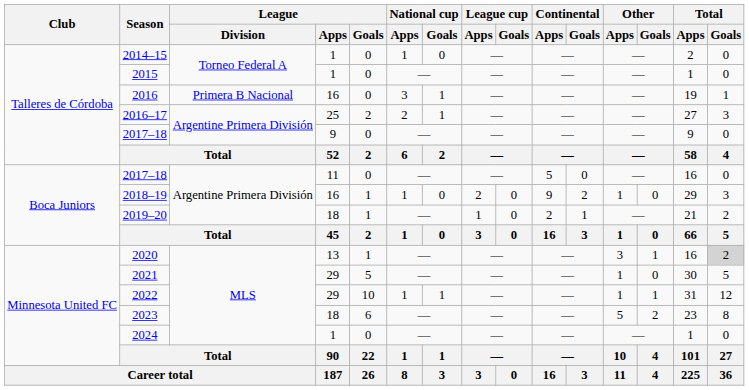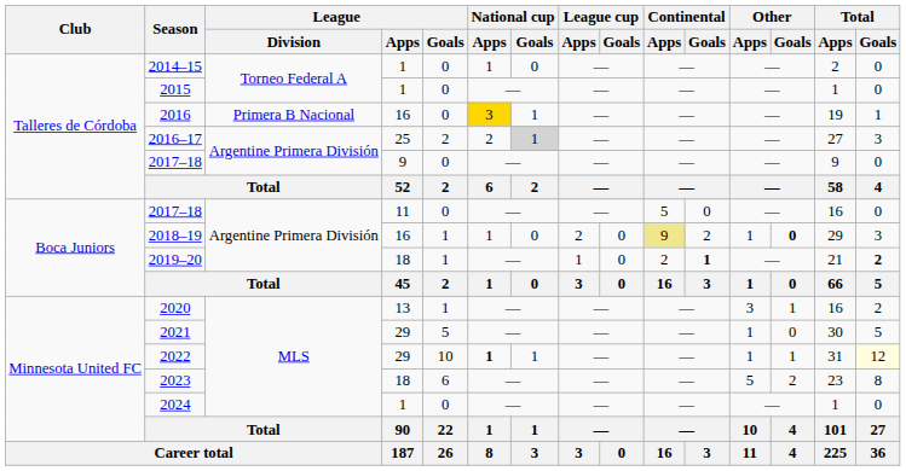 <table class="wikitable" style="text-align:center">
 <tr>
 <th rowspan="2">Club</th>
 <th rowspan="2">Season</th>
 <th colspan="3">League</th>
 <th colspan="2">National cup</th>
 <th colspan="2">League cup</th>
 <th colspan="2">Continental</th>
 <th colspan="2">Other</th>
 <th colspan="2">Total</th>
 </tr>
 <tr>
 <th>Division</th>
 <th>Apps</th>
 <th>Goals</th>
 <th>Apps</th>
 <th>Goals</th>
 <th>Apps</th>
 <th>Goals</th>
 <th>Apps</th>
 <th>Goals</th>
 <th>Apps</th>
 <th>Goals</th>
 <th>Apps</th>
 <th>Goals</th>
 </tr>
 <tr>
 <td rowspan="6"><a href='#'>Talleres de Córdoba</a></td>
 <td><a href='#'>2014–15</a></td>
 <td rowspan="2"><a href='#'>Torneo Federal A</a></td>
 <td>1</td>
 <td>0</td>
 <td>1</td>
 <td>0</td>
 <td colspan="2">—</td>
 <td colspan="2">—</td>
 <td colspan="2">—</td>
 <td>2</td>
 <td>0</td>
 </tr>
 <tr>
 <td><a href='#'>2015</a></td>
 <td>1</td>
 <td>0</td>
 <td colspan="2">—</td>
 <td colspan="2">—</td>
 <td colspan="2">—</td>
 <td colspan="2">—</td>
 <td>1</td>
 <td>0</td>
 </tr>
 <tr>
 <td><a href='#'>2016</a></td>
 <td><a href='#'>Primera B Nacional</a></td>
 <td>16</td>
 <td>0</td>
-<td>3</td>
+<td style="background: gold;">3</td>
 <td>1</td>
 <td colspan="2">—</td>
 <td colspan="2">—</td>
 <td colspan="2">—</td>
 <td>19</td>
 <td>1</td>
 </tr>
 <tr>
 <td><a href='#'>2016–17</a></td>
 <td rowspan="2"><a href='#'>Argentine Primera División</a></td>
 <td>25</td>
 <td>2</td>
 <td>2</td>
-<td>1</td>
+<td style="background: lightgrey;">1</td>
 <td colspan="2">—</td>
 <td colspan="2">—</td>
 <td colspan="2">—</td>
 <td>27</td>
 <td>3</td>
 </tr>
 <tr>
 <td><a href='#'>2017–18</a></td>
 <td>9</td>
 <td>0</td>
 <td colspan="2">—</td>
 <td colspan="2">—</td>
 <td colspan="2">—</td>
 <td colspan="2">—</td>
 <td>9</td>
 <td>0</td>
 </tr>
 <tr>
 <th colspan="2">Total</th>
 <th>52</th>
 <th>2</th>
 <th>6</th>
 <th>2</th>
 <th colspan="2">—</th>
 <th colspan="2">—</th>
 <th colspan="2">—</th>
 <th>58</th>
 <th>4</th>
 </tr>
 <tr>
 <td rowspan="4"><a href='#'>Boca Juniors</a></td>
 <td><a href='#'>2017–18</a></td>
 <td rowspan="3">Argentine Primera División</td>
 <td>11</td>
 <td>0</td>
 <td colspan="2">—</td>
 <td colspan="2">—</td>
 <td>5</td>
 <td>0</td>
 <td colspan="2">—</td>
 <td>16</td>
 <td>0</td>
 </tr>
 <tr>
 <td><a href='#'>2018–19</a></td>
 <td>16</td>
 <td>1</td>
 <td>1</td>
 <td>0</td>
 <td>2</td>
 <td>0</td>
-<td>9</td>
+<td style="background: khaki;">9</td>
 <td>2</td>
 <td>1</td>
-<td>0</td>
+<td><strong>0</strong></td>
 <td>29</td>
 <td>3</td>
 </tr>
 <tr>
 <td><a href='#'>2019–20</a></td>
 <td>18</td>
 <td>1</td>
 <td colspan="2">—</td>
 <td>1</td>
 <td>0</td>
 <td>2</td>
-<td>1</td>
+<td><strong>1</strong></td>
 <td colspan="2">—</td>
 <td>21</td>
-<td>2</td>
+<td><strong>2</strong></td>
 </tr>
 <tr>
 <th colspan="2">Total</th>
 <th>45</th>
 <th>2</th>
 <th>1</th>
 <th>0</th>
 <th>3</th>
 <th>0</th>
 <th>16</th>
 <th>3</th>
 <th>1</th>
 <th>0</th>
 <th>66</th>
 <th>5</th>
 </tr>
 <tr>
 <td rowspan="6"><a href='#'>Minnesota United FC</a></td>
 <td><a href='#'>2020</a></td>
 <td rowspan="5"><a href='#'>MLS</a></td>
 <td>13</td>
 <td>1</td>
 <td colspan="2">—</td>
 <td colspan="2">—</td>
 <td colspan="2">—</td>
 <td>3</td>
 <td>1</td>
 <td>16</td>
-<td style="background: lightgrey;">2</td>
+<td>2</td>
 </tr>
 <tr>
 <td><a href='#'>2021</a></td>
 <td>29</td>
 <td>5</td>
 <td colspan="2">—</td>
 <td colspan="2">—</td>
 <td colspan="2">—</td>
 <td>1</td>
 <td>0</td>
 <td>30</td>
 <td>5</td>
 </tr>
 <tr>
 <td><a href='#'>2022</a></td>
 <td>29</td>
 <td>10</td>
-<td>1</td>
+<td><strong>1</strong></td>
 <td>1</td>
 <td colspan="2">—</td>
 <td colspan="2">—</td>
 <td>1</td>
 <td>1</td>
 <td>31</td>
-<td>12</td>
+<td style="background: lightyellow;">12</td>
 </tr>
 <tr>
 <td><a href='#'>2023</a></td>
 <td>18</td>
 <td>6</td>
 <td colspan="2">—</td>
 <td colspan="2">—</td>
 <td colspan="2">—</td>
 <td>5</td>
 <td>2</td>
 <td>23</td>
 <td>8</td>
 </tr>
 <tr>
 <td><a href='#'>2024</a></td>
 <td>1</td>
 <td>0</td>
 <td colspan="2">—</td>
 <td colspan="2">—</td>
 <td colspan="2">—</td>
 <td colspan="2">—</td>
 <td>1</td>
 <td>0</td>
 </tr>
 <tr>
 <th colspan="2">Total</th>
 <th>90</th>
 <th>22</th>
 <th>1</th>
 <th>1</th>
 <th colspan="2">—</th>
 <th colspan="2">—</th>
 <th>10</th>
 <th>4</th>
 <th>101</th>
 <th>27</th>
 </tr>
 <tr>
 <th colspan="3">Career total</th>
 <th>187</th>
 <th>26</th>
 <th>8</th>
 <th>3</th>
 <th>3</th>
 <th>0</th>
 <th>16</th>
 <th>3</th>
 <th>11</th>
 <th>4</th>
 <th>225</th>
 <th>36</th>
 </tr>
 </table>
